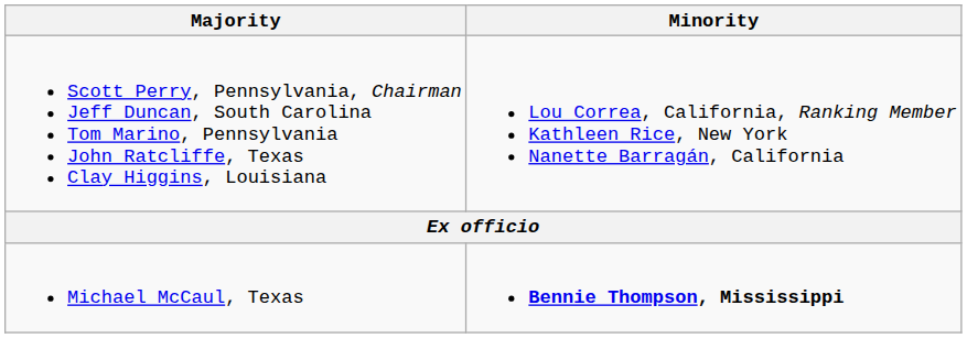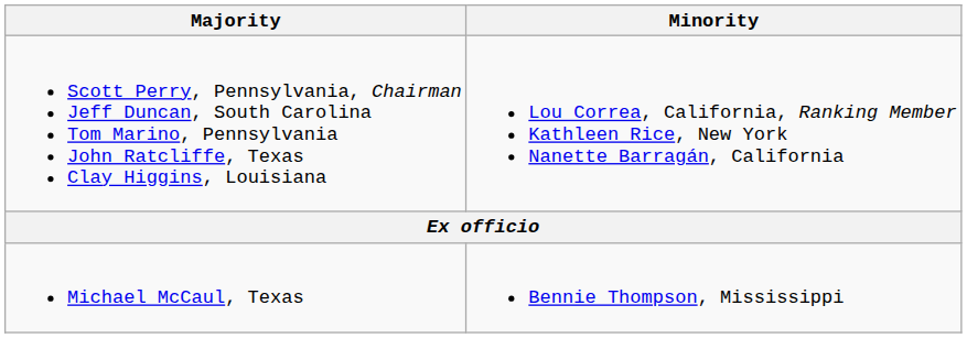 <table class=wikitable>
 <tr>
 <th>Majority</th>
 <th>Minority</th>
 </tr>
 <tr>
 <td><br><ul><li><a href='#'>Scott Perry</a>, Pennsylvania, <em>Chairman</em></li><li><a href='#'>Jeff Duncan</a>, South Carolina</li><li><a href='#'>Tom Marino</a>, Pennsylvania</li><li><a href='#'>John Ratcliffe</a>, Texas</li><li><a href='#'>Clay Higgins</a>, Louisiana</li></ul></td>
 <td><br><ul><li><a href='#'>Lou Correa</a>, California, <em>Ranking Member</em></li><li><a href='#'>Kathleen Rice</a>, New York</li><li><a href='#'>Nanette Barragán</a>, California</li></ul></td>
 </tr>
 <tr>
 <th colspan=2><em>Ex officio</em></th>
 </tr>
 <tr>
 <td><br><ul><li><a href='#'>Michael McCaul</a>, Texas</li></ul></td>
-<td><strong><br><ul><li><a href='#'>Bennie Thompson</a>, Mississippi</li></ul></strong></td>
+<td><br><ul><li><a href='#'>Bennie Thompson</a>, Mississippi</li></ul></td>
 </tr>
 </table>
